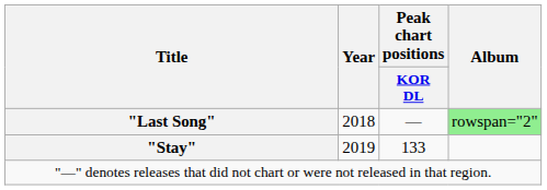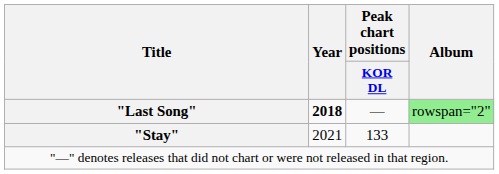 <table class="wikitable plainrowheaders" style="text-align:center;" border="1">
 <tr>
 <th scope="col" rowspan="2" style="width:20em;">Title</th>
 <th scope="col" rowspan="2">Year</th>
 <th scope="col" colspan="1">Peak chart positions</th>
 <th scope="col" rowspan="2">Album</th>
 </tr>
 <tr>
 <th scope="col" style="width:3em;font-size:90%;"><a href='#'>KOR<br>DL</a><br></th>
 </tr>
 <tr>
 <th scope=row>"Last Song"<br></th>
-<td>2018</td>
+<td><strong>2018</strong></td>
 <td>—</td>
 <td style="background: lightgreen;">rowspan="2" </td>
 </tr>
 <tr>
 <th scope=row>"Stay"<br></th>
-<td>2019</td>
+<td>2021</td>
 <td>133</td>
 </tr>
 <tr>
 <td colspan="5" style="font-size:90%">"—" denotes releases that did not chart or were not released in that region.</td>
 </tr>
 </table>
